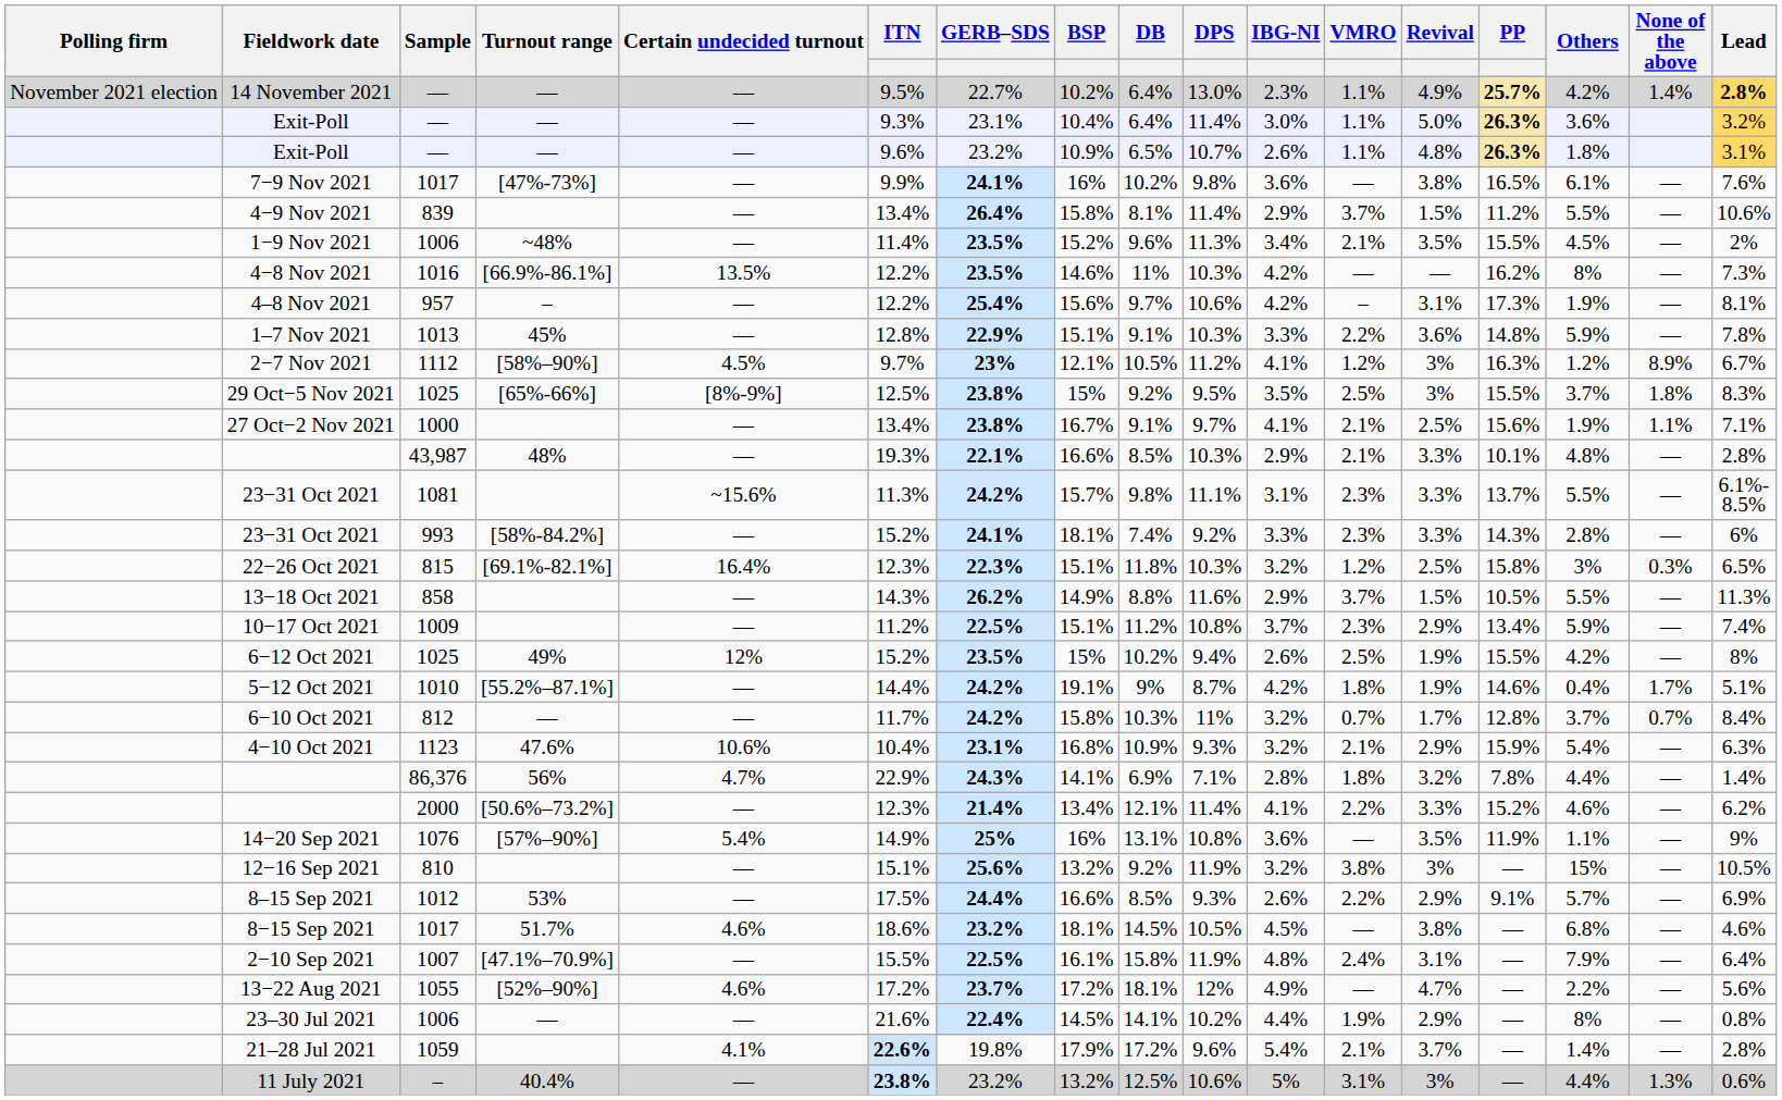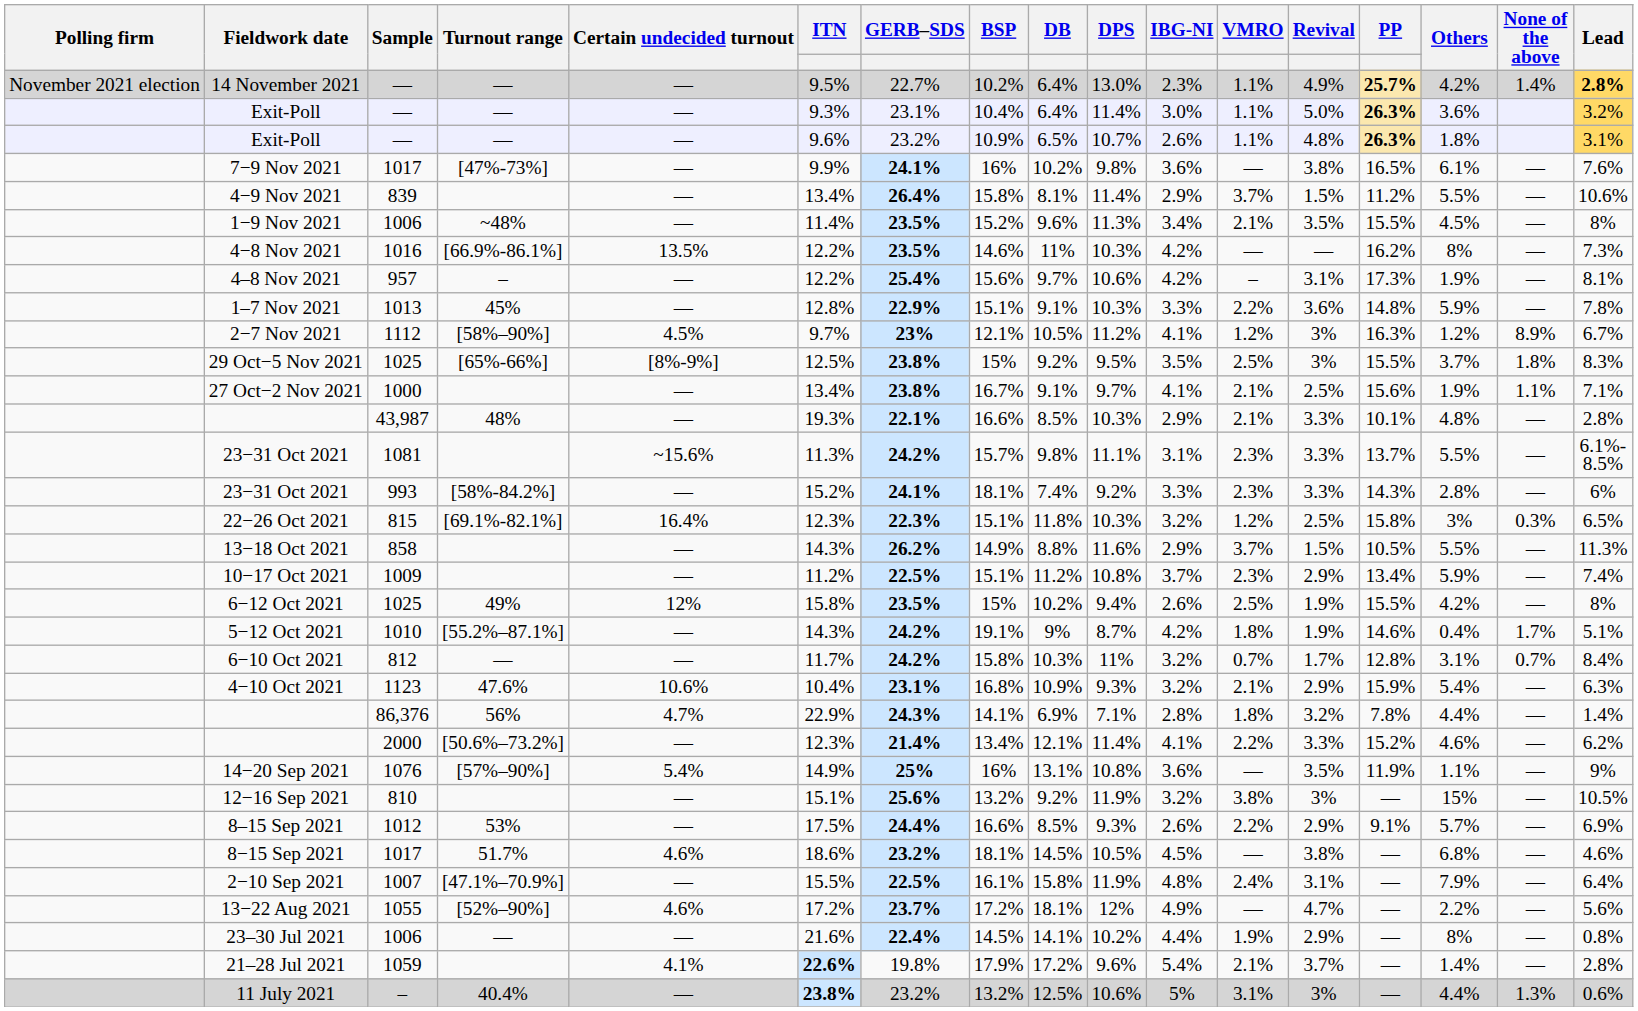 <table class="wikitable sortable" style="text-align:center;font-size:90%;line-height:14px;">
 <tr>
 <th rowspan="2">Polling firm</th>
 <th rowspan="2">Fieldwork date</th>
 <th rowspan="2">Sample</th>
 <th rowspan="2">Turnout range</th>
 <th rowspan="2">Certain <a href='#'>undecided</a> turnout</th>
 <th><a href='#'>ITN</a></th>
 <th><a href='#'>GERB</a>–<a href='#'>SDS</a></th>
 <th><a href='#'>BSP</a></th>
 <th><a href='#'>DB</a></th>
 <th><a href='#'>DPS</a></th>
 <th><a href='#'>IBG-NI</a></th>
 <th><a href='#'>VMRO</a></th>
 <th><a href='#'>Revival</a></th>
 <th><a href='#'>PP</a></th>
 <th rowspan="2" class="unsortable" style="width:50px;"><a href='#'>Others</a></th>
 <th rowspan="2" class="unsortable" style="width:50px;"><a href='#'>None of the above</a></th>
 <th rowspan="2">Lead</th>
 </tr>
 <tr>
 <th class="unsortable" style="color:inherit;background:"></th>
 <th class="unsortable" style="color:inherit;background:"></th>
 <th class="unsortable" style="color:inherit;background:"></th>
 <th class="unsortable" style="color:inherit;background:"></th>
 <th class="unsortable" style="color:inherit;background:"></th>
 <th class="unsortable" style="color:inherit;background:"></th>
 <th class="unsortable" style="color:inherit;background:"></th>
 <th class="unsortable" style="color:inherit;background:"></th>
 <th class="unsortable" style="color:inherit;background:"></th>
 </tr>
 <tr style="background:#D5D5D5;">
 <td>November 2021 election</td>
 <td>14 November 2021</td>
 <td>—</td>
 <td>—</td>
 <td>—</td>
 <td>9.5%</td>
 <td>22.7%</td>
 <td>10.2%</td>
 <td>6.4%</td>
 <td>13.0%</td>
 <td>2.3%</td>
 <td>1.1%</td>
 <td>4.9%</td>
 <td style="background:#FBE8AF"><strong>25.7%</strong></td>
 <td>4.2%</td>
 <td>1.4%</td>
 <th class="unsortable" style="background:#ffd966">2.8%</th>
 </tr>
 <tr style="background:#EEEFFF"|>
 <td></td>
 <td>Exit-Poll</td>
 <td>—</td>
 <td>—</td>
 <td>—</td>
 <td>9.3%</td>
 <td>23.1%</td>
 <td>10.4%</td>
 <td>6.4%</td>
 <td>11.4%</td>
 <td>3.0%</td>
 <td>1.1%</td>
 <td>5.0%</td>
 <td style="background:#FBE8AF"><strong>26.3%</strong></td>
 <td>3.6%</td>
 <td></td>
 <td class="unsortable" style="background:#ffd966">3.2%</td>
 </tr>
 <tr style="background:#EEEFFF"|>
 <td></td>
 <td>Exit-Poll</td>
 <td>—</td>
 <td>—</td>
 <td>—</td>
 <td>9.6%</td>
 <td>23.2%</td>
 <td>10.9%</td>
 <td>6.5%</td>
 <td>10.7%</td>
 <td>2.6%</td>
 <td>1.1%</td>
 <td>4.8%</td>
 <td style="background:#FBE8AF"><strong>26.3%</strong></td>
 <td>1.8%</td>
 <td></td>
 <td class="unsortable" style="background:#ffd966">3.1%</td>
 </tr>
 <tr>
 <td></td>
 <td data-sort-value="2021-11-09">7−9 Nov 2021</td>
 <td>1017</td>
 <td>[47%-73%]</td>
 <td>—</td>
 <td>9.9%</td>
 <td style="background:#CCE6FF"><strong>24.1%</strong></td>
 <td>16%</td>
 <td>10.2%</td>
 <td>9.8%</td>
 <td>3.6%</td>
 <td>—</td>
 <td>3.8%</td>
 <td>16.5%</td>
 <td>6.1%</td>
 <td>—</td>
 <td style="background:">7.6%</td>
 </tr>
 <tr>
 <td></td>
 <td data-sort-value="2021-11-09">4−9 Nov 2021</td>
 <td>839</td>
 <td></td>
 <td>—</td>
 <td>13.4%</td>
 <td style="background:#CCE6FF"><strong>26.4%</strong></td>
 <td>15.8%</td>
 <td>8.1%</td>
 <td>11.4%</td>
 <td>2.9%</td>
 <td>3.7%</td>
 <td>1.5%</td>
 <td>11.2%</td>
 <td>5.5%</td>
 <td>—</td>
 <td style="background:">10.6%</td>
 </tr>
 <tr>
 <td></td>
 <td data-sort-value="2021-11-09">1−9 Nov 2021</td>
 <td>1006</td>
 <td>~48%</td>
 <td>—</td>
 <td>11.4%</td>
 <td style="background:#CCE6FF"><strong>23.5%</strong></td>
 <td>15.2%</td>
 <td>9.6%</td>
 <td>11.3%</td>
 <td>3.4%</td>
 <td>2.1%</td>
 <td>3.5%</td>
 <td>15.5%</td>
 <td>4.5%</td>
 <td>—</td>
-<td style="background:">2%</td>
+<td style="background:">8%</td>
 </tr>
 <tr>
 <td style="letter-spacing:-1px;"></td>
 <td data-sort-value="2021-11-08">4−8 Nov 2021</td>
 <td>1016</td>
 <td>[66.9%-86.1%]</td>
 <td>13.5%</td>
 <td>12.2%</td>
 <td style="background:#CCE6FF"><strong>23.5%</strong></td>
 <td>14.6%</td>
 <td>11%</td>
 <td>10.3%</td>
 <td>4.2%</td>
 <td>—</td>
 <td>—</td>
 <td>16.2%</td>
 <td>8%</td>
 <td>—</td>
 <td style="background:">7.3%</td>
 </tr>
 <tr>
 <td></td>
 <td data-sort-value="2021-11-08">4–8 Nov 2021</td>
 <td>957</td>
 <td>–</td>
 <td>—</td>
 <td>12.2%</td>
 <td style="background:#CCE6FF"><strong>25.4%</strong></td>
 <td>15.6%</td>
 <td>9.7%</td>
 <td>10.6%</td>
 <td>4.2%</td>
 <td>–</td>
 <td>3.1%</td>
 <td>17.3%</td>
 <td>1.9%</td>
 <td>—</td>
 <td style="background:">8.1%</td>
 </tr>
 <tr>
 <td></td>
 <td data-sort-value="2021-11-07">1–7 Nov 2021</td>
 <td>1013</td>
 <td>45%</td>
 <td>—</td>
 <td>12.8%</td>
 <td style="background:#CCE6FF"><strong>22.9%</strong></td>
 <td>15.1%</td>
 <td>9.1%</td>
 <td>10.3%</td>
 <td>3.3%</td>
 <td>2.2%</td>
 <td>3.6%</td>
 <td>14.8%</td>
 <td>5.9%</td>
 <td>—</td>
 <td style="background:">7.8%</td>
 </tr>
 <tr>
 <td></td>
 <td data-sort-value="2021-11-07">2−7 Nov 2021</td>
 <td>1112</td>
 <td>[58%–90%]</td>
 <td>4.5%</td>
 <td>9.7%</td>
 <td style="background:#CCE6FF"><strong>23%</strong></td>
 <td>12.1%</td>
 <td>10.5%</td>
 <td>11.2%</td>
 <td>4.1%</td>
 <td>1.2%</td>
 <td>3%</td>
 <td>16.3%</td>
 <td>1.2%</td>
 <td>8.9%</td>
 <td style="background:">6.7%</td>
 </tr>
 <tr>
 <td></td>
 <td data-sort-value="2021-11-05">29 Oct−5 Nov 2021</td>
 <td>1025</td>
 <td>[65%-66%]</td>
 <td>[8%-9%]</td>
 <td>12.5%</td>
 <td style="background:#CCE6FF"><strong>23.8%</strong></td>
 <td>15%</td>
 <td>9.2%</td>
 <td>9.5%</td>
 <td>3.5%</td>
 <td>2.5%</td>
 <td>3%</td>
 <td>15.5%</td>
 <td>3.7%</td>
 <td>1.8%</td>
 <td style="background:">8.3%</td>
 </tr>
 <tr>
 <td></td>
 <td data-sort-value="2021-11-02">27 Oct−2 Nov 2021</td>
 <td>1000</td>
 <td></td>
 <td>—</td>
 <td>13.4%</td>
 <td style="background:#CCE6FF"><strong>23.8%</strong></td>
 <td>16.7%</td>
 <td>9.1%</td>
 <td>9.7%</td>
 <td>4.1%</td>
 <td>2.1%</td>
 <td>2.5%</td>
 <td>15.6%</td>
 <td>1.9%</td>
 <td>1.1%</td>
 <td style="background:">7.1%</td>
 </tr>
 <tr>
 <td style="letter-spacing:-1px;"></td>
 <td data-sort-value="2021-10-01"></td>
 <td>43,987</td>
 <td>48%</td>
 <td>—</td>
 <td>19.3%</td>
 <td style="background:#CCE6FF"><strong>22.1%</strong></td>
 <td>16.6%</td>
 <td>8.5%</td>
 <td>10.3%</td>
 <td>2.9%</td>
 <td>2.1%</td>
 <td>3.3%</td>
 <td>10.1%</td>
 <td>4.8%</td>
 <td>—</td>
 <td style="background:">2.8%</td>
 </tr>
 <tr>
 <td></td>
 <td data-sort-value="2021-10-31">23−31 Oct 2021</td>
 <td>1081</td>
 <td></td>
 <td>~15.6%</td>
 <td>11.3%</td>
 <td style="background:#CCE6FF"><strong>24.2%</strong></td>
 <td>15.7%</td>
 <td>9.8%</td>
 <td>11.1%</td>
 <td>3.1%</td>
 <td>2.3%</td>
 <td>3.3%</td>
 <td>13.7%</td>
 <td>5.5%</td>
 <td>—</td>
 <td style="background:">6.1%-<br>8.5%</td>
 </tr>
 <tr>
 <td></td>
 <td data-sort-value="2021-10-31">23−31 Oct 2021</td>
 <td>993</td>
 <td>[58%-84.2%]</td>
 <td>—</td>
 <td>15.2%</td>
 <td style="background:#CCE6FF"><strong>24.1%</strong></td>
 <td>18.1%</td>
 <td>7.4%</td>
 <td>9.2%</td>
 <td>3.3%</td>
 <td>2.3%</td>
 <td>3.3%</td>
 <td>14.3%</td>
 <td>2.8%</td>
 <td>—</td>
 <td style="background:">6%</td>
 </tr>
 <tr>
 <td style="letter-spacing:-1px;"></td>
 <td data-sort-value="2021-10-26">22−26 Oct 2021</td>
 <td>815</td>
 <td>[69.1%-82.1%]</td>
 <td>16.4%</td>
 <td>12.3%</td>
 <td style="background:#CCE6FF"><strong>22.3%</strong></td>
 <td>15.1%</td>
 <td>11.8%</td>
 <td>10.3%</td>
 <td>3.2%</td>
 <td>1.2%</td>
 <td>2.5%</td>
 <td>15.8%</td>
 <td>3%</td>
 <td>0.3%</td>
 <td style="background:">6.5%</td>
 </tr>
 <tr>
 <td></td>
 <td data-sort-value="2021-10-18">13−18 Oct 2021</td>
 <td>858</td>
 <td></td>
 <td>—</td>
 <td>14.3%</td>
 <td style="background:#CCE6FF"><strong>26.2%</strong></td>
 <td>14.9%</td>
 <td>8.8%</td>
 <td>11.6%</td>
 <td>2.9%</td>
 <td>3.7%</td>
 <td>1.5%</td>
 <td>10.5%</td>
 <td>5.5%</td>
 <td>—</td>
 <td style="background:">11.3%</td>
 </tr>
 <tr>
 <td></td>
 <td data-sort-value="2021-10-17">10−17 Oct 2021</td>
 <td>1009</td>
 <td></td>
 <td>—</td>
 <td>11.2%</td>
 <td style="background:#CCE6FF"><strong>22.5%</strong></td>
 <td>15.1%</td>
 <td>11.2%</td>
 <td>10.8%</td>
 <td>3.7%</td>
 <td>2.3%</td>
 <td>2.9%</td>
 <td>13.4%</td>
 <td>5.9%</td>
 <td>—</td>
 <td style="background:">7.4%</td>
 </tr>
 <tr>
 <td></td>
 <td data-sort-value="2021-10-12">6−12 Oct 2021</td>
 <td>1025</td>
 <td>49%</td>
 <td>12%</td>
-<td>15.2%</td>
+<td>15.8%</td>
 <td style="background:#CCE6FF"><strong>23.5%</strong></td>
 <td>15%</td>
 <td>10.2%</td>
 <td>9.4%</td>
 <td>2.6%</td>
 <td>2.5%</td>
 <td>1.9%</td>
 <td>15.5%</td>
 <td>4.2%</td>
 <td>—</td>
 <td style="background:">8%</td>
 </tr>
 <tr>
 <td></td>
 <td data-sort-value="2021-10-12">5−12 Oct 2021</td>
 <td>1010</td>
 <td>[55.2%–87.1%]</td>
 <td>—</td>
-<td>14.4%</td>
+<td>14.3%</td>
 <td style="background:#CCE6FF"><strong>24.2%</strong></td>
 <td>19.1%</td>
 <td>9%</td>
 <td>8.7%</td>
 <td>4.2%</td>
 <td>1.8%</td>
 <td>1.9%</td>
 <td>14.6%</td>
 <td>0.4%</td>
 <td>1.7%</td>
 <td style="background:">5.1%</td>
 </tr>
 <tr>
 <td style="letter-spacing:-1px;"></td>
 <td data-sort-value="2021-10-10">6−10 Oct 2021</td>
 <td>812</td>
 <td>—</td>
 <td>—</td>
 <td>11.7%</td>
 <td style="background:#CCE6FF"><strong>24.2%</strong></td>
 <td>15.8%</td>
 <td>10.3%</td>
 <td>11%</td>
 <td>3.2%</td>
 <td>0.7%</td>
 <td>1.7%</td>
 <td>12.8%</td>
-<td>3.7%</td>
+<td>3.1%</td>
 <td>0.7%</td>
 <td style="background:">8.4%</td>
 </tr>
 <tr>
 <td></td>
 <td data-sort-value="2021-10-10">4−10 Oct 2021</td>
 <td>1123</td>
 <td>47.6%</td>
 <td>10.6%</td>
 <td>10.4%</td>
 <td style="background:#CCE6FF"><strong>23.1%</strong></td>
 <td>16.8%</td>
 <td>10.9%</td>
 <td>9.3%</td>
 <td>3.2%</td>
 <td>2.1%</td>
 <td>2.9%</td>
 <td>15.9%</td>
 <td>5.4%</td>
 <td>—</td>
 <td style="background:">6.3%</td>
 </tr>
 <tr>
 <td style="letter-spacing:-1px;"></td>
 <td data-sort-value="2021-10-01"></td>
 <td>86,376</td>
 <td>56%</td>
 <td>4.7%</td>
 <td>22.9%</td>
 <td style="background:#CCE6FF"><strong>24.3%</strong></td>
 <td>14.1%</td>
 <td>6.9%</td>
 <td>7.1%</td>
 <td>2.8%</td>
 <td>1.8%</td>
 <td>3.2%</td>
 <td>7.8%</td>
 <td>4.4%</td>
 <td>—</td>
 <td style="background:">1.4%</td>
 </tr>
 <tr>
 <td></td>
 <td data-sort-value="2021-09-26"></td>
 <td>2000</td>
 <td>[50.6%–73.2%]</td>
 <td>—</td>
 <td>12.3%</td>
 <td style="background:#CCE6FF"><strong>21.4%</strong></td>
 <td>13.4%</td>
 <td>12.1%</td>
 <td>11.4%</td>
 <td>4.1%</td>
 <td>2.2%</td>
 <td>3.3%</td>
 <td>15.2%</td>
 <td>4.6%</td>
 <td>—</td>
 <td style="background:">6.2%</td>
 </tr>
 <tr>
 <td></td>
 <td data-sort-value="2021-09-20">14−20 Sep 2021</td>
 <td>1076</td>
 <td>[57%–90%]</td>
 <td>5.4%</td>
 <td>14.9%</td>
 <td style="background:#CCE6FF"><strong>25%</strong></td>
 <td>16%</td>
 <td>13.1%</td>
 <td>10.8%</td>
 <td>3.6%</td>
 <td>—</td>
 <td>3.5%</td>
 <td>11.9%</td>
 <td>1.1%</td>
 <td>—</td>
 <td style="background:">9%</td>
 </tr>
 <tr>
 <td></td>
 <td data-sort-value="2021-09-16">12−16 Sep 2021</td>
 <td>810</td>
 <td></td>
 <td>—</td>
 <td>15.1%</td>
 <td style="background:#CCE6FF"><strong>25.6%</strong></td>
 <td>13.2%</td>
 <td>9.2%</td>
 <td>11.9%</td>
 <td>3.2%</td>
 <td>3.8%</td>
 <td>3%</td>
 <td>—</td>
 <td>15%</td>
 <td>—</td>
 <td style="background:">10.5%</td>
 </tr>
 <tr>
 <td></td>
 <td data-sort-value="2021-09-15">8–15 Sep 2021</td>
 <td>1012</td>
 <td>53%</td>
 <td>—</td>
 <td>17.5%</td>
 <td style="background:#CCE6FF"><strong>24.4%</strong></td>
 <td>16.6%</td>
 <td>8.5%</td>
 <td>9.3%</td>
 <td>2.6%</td>
 <td>2.2%</td>
 <td>2.9%</td>
 <td>9.1%</td>
 <td>5.7%</td>
 <td>—</td>
 <td style="background:">6.9%</td>
 </tr>
 <tr>
 <td></td>
 <td data-sort-value="2021-09-15">8−15 Sep 2021</td>
 <td>1017</td>
 <td>51.7%</td>
 <td>4.6%</td>
 <td>18.6%</td>
 <td style="background:#CCE6FF"><strong>23.2%</strong></td>
 <td>18.1%</td>
 <td>14.5%</td>
 <td>10.5%</td>
 <td>4.5%</td>
 <td>—</td>
 <td>3.8%</td>
 <td>—</td>
 <td>6.8%</td>
 <td>—</td>
 <td style="background:">4.6%</td>
 </tr>
 <tr>
 <td></td>
 <td data-sort-value="2021-09-10">2−10 Sep 2021</td>
 <td>1007</td>
 <td>[47.1%–70.9%]</td>
 <td>—</td>
 <td>15.5%</td>
 <td style="background:#CCE6FF"><strong>22.5%</strong></td>
 <td>16.1%</td>
 <td>15.8%</td>
 <td>11.9%</td>
 <td>4.8%</td>
 <td>2.4%</td>
 <td>3.1%</td>
 <td>—</td>
 <td>7.9%</td>
 <td>—</td>
 <td style="background:">6.4%</td>
 </tr>
 <tr>
 <td></td>
 <td data-sort-value="2021-08-22">13−22 Aug 2021</td>
 <td>1055</td>
 <td>[52%–90%]</td>
 <td>4.6%</td>
 <td>17.2%</td>
 <td style="background:#CCE6FF"><strong>23.7%</strong></td>
 <td>17.2%</td>
 <td>18.1%</td>
 <td>12%</td>
 <td>4.9%</td>
 <td>—</td>
 <td>4.7%</td>
 <td>—</td>
 <td>2.2%</td>
 <td>—</td>
 <td style="background:">5.6%</td>
 </tr>
 <tr>
 <td></td>
 <td data-sort-value="2021-07-30">23–30 Jul 2021</td>
 <td>1006</td>
 <td>—</td>
 <td>—</td>
 <td>21.6%</td>
 <td style="background:#CCE6FF"><strong>22.4%</strong></td>
 <td>14.5%</td>
 <td>14.1%</td>
 <td>10.2%</td>
 <td>4.4%</td>
 <td>1.9%</td>
 <td>2.9%</td>
 <td>—</td>
 <td>8%</td>
 <td>—</td>
 <td style="background:">0.8%</td>
 </tr>
 <tr>
 <td></td>
 <td data-sort-value="2021-07-28">21–28 Jul 2021</td>
 <td>1059</td>
 <td></td>
 <td>4.1%</td>
 <td style="background:#CCE6FF"><strong>22.6%</strong></td>
 <td>19.8%</td>
 <td>17.9%</td>
 <td>17.2%</td>
 <td>9.6%</td>
 <td>5.4%</td>
 <td>2.1%</td>
 <td>3.7%</td>
 <td>—</td>
 <td>1.4%</td>
 <td>—</td>
 <td style="background:">2.8%</td>
 </tr>
 <tr style="background:#D5D5D5;">
 <td></td>
 <td data-sort-value="2021-07-11">11 July 2021</td>
 <td>–</td>
 <td>40.4%</td>
 <td>—</td>
 <td style="background:#CCE6FF"><strong>23.8%</strong></td>
 <td>23.2%</td>
 <td>13.2%</td>
 <td>12.5%</td>
 <td>10.6%</td>
 <td>5%</td>
 <td>3.1%</td>
 <td>3%</td>
 <td>—</td>
 <td>4.4%</td>
 <td>1.3%</td>
 <td style="background:">0.6%</td>
 </tr>
 </table>
